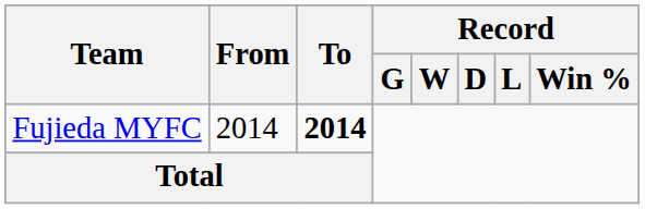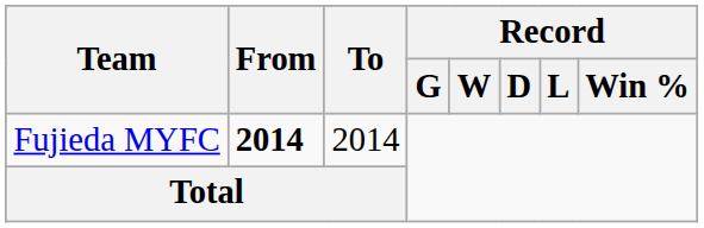 <table class="wikitable" style="text-align: center">
 <tr>
 <th rowspan="2">Team</th>
 <th rowspan="2">From</th>
 <th rowspan="2">To</th>
 <th colspan="5">Record</th>
 </tr>
 <tr>
 <th>G</th>
 <th>W</th>
 <th>D</th>
 <th>L</th>
 <th>Win %</th>
 </tr>
 <tr>
 <td align="left"><a href='#'>Fujieda MYFC</a></td>
-<td align="left">2014</td>
-<td align="left"><strong>2014<br></strong></td>
+<td align="left"><strong>2014</strong></td>
+<td align="left">2014<br></td>
 </tr>
 <tr>
 <th colspan="3">Total<br></th>
 </tr>
 </table>
